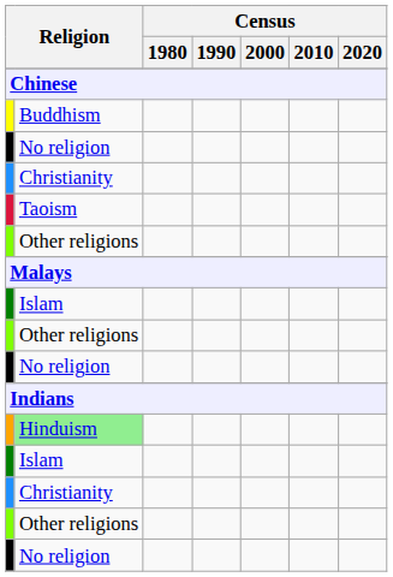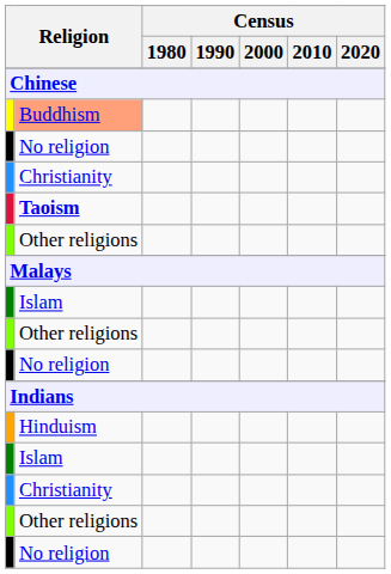 <table class="wikitable">
 <tr>
 <th colspan="2" rowspan="3">Religion</th>
 </tr>
 <tr>
 <th colspan="7">Census</th>
 </tr>
 <tr>
 <th>1980</th>
 <th>1990</th>
 <th>2000</th>
 <th>2010</th>
 <th>2020</th>
 </tr>
 <tr>
 </tr>
 <tr bgcolor=eeeeff>
 <td colspan=7><strong><a href='#'>Chinese</a></strong></td>
 </tr>
 <tr>
 <td style="background:Yellow;"></td>
-<td><a href='#'>Buddhism</a></td>
+<td style="background: lightsalmon;"><a href='#'>Buddhism</a></td>
 <td></td>
 <td></td>
 <td></td>
 <td></td>
 <td></td>
 </tr>
 <tr>
 <td style="background:Black; color:white;"></td>
 <td><a href='#'>No religion</a></td>
 <td></td>
 <td></td>
 <td></td>
 <td></td>
 <td></td>
 </tr>
 <tr>
 <td style="background:DodgerBlue;"></td>
 <td><a href='#'>Christianity</a></td>
 <td></td>
 <td></td>
 <td></td>
 <td></td>
 <td></td>
 </tr>
 <tr>
 <td style="background:Crimson; color:white;"></td>
-<td><a href='#'>Taoism</a></td>
+<td><strong><a href='#'>Taoism</a></strong></td>
 <td></td>
 <td></td>
 <td></td>
 <td></td>
 <td></td>
 </tr>
 <tr>
 <td style="background:Chartreuse;"></td>
 <td>Other religions</td>
 <td></td>
 <td></td>
 <td></td>
 <td></td>
 <td></td>
 </tr>
 <tr>
 </tr>
 <tr bgcolor=eeeeff>
 <td colspan=7><strong><a href='#'>Malays</a></strong></td>
 </tr>
 <tr>
 <td style="background:Green; color:white;"></td>
 <td><a href='#'>Islam</a></td>
 <td></td>
 <td></td>
 <td></td>
 <td></td>
 <td></td>
 </tr>
 <tr>
 <td style="background:Chartreuse;"></td>
 <td>Other religions</td>
 <td></td>
 <td></td>
 <td></td>
 <td></td>
 <td></td>
 </tr>
 <tr>
 <td style="background:Black; color:white;"></td>
 <td><a href='#'>No religion</a></td>
 <td></td>
 <td></td>
 <td></td>
 <td></td>
 <td></td>
 </tr>
 <tr>
 </tr>
 <tr bgcolor=eeeeff>
 <td colspan=7><strong><a href='#'>Indians</a></strong></td>
 </tr>
 <tr>
 <td style="background:Orange;"></td>
-<td style="background: lightgreen;"><a href='#'>Hinduism</a></td>
+<td><a href='#'>Hinduism</a></td>
 <td></td>
 <td></td>
 <td></td>
 <td></td>
 <td></td>
 </tr>
 <tr>
 <td style="background:Green; color:white;"></td>
 <td><a href='#'>Islam</a></td>
 <td></td>
 <td></td>
 <td></td>
 <td></td>
 <td></td>
 </tr>
 <tr>
 <td style="background:DodgerBlue;"></td>
 <td><a href='#'>Christianity</a></td>
 <td></td>
 <td></td>
 <td></td>
 <td></td>
 <td></td>
 </tr>
 <tr>
 <td style="background:Chartreuse;"></td>
 <td>Other religions</td>
 <td></td>
 <td></td>
 <td></td>
 <td></td>
 <td></td>
 </tr>
 <tr>
 <td style="background:Black; color:white;"></td>
 <td><a href='#'>No religion</a></td>
 <td></td>
 <td></td>
 <td></td>
 <td></td>
 <td></td>
 </tr>
 </table>
